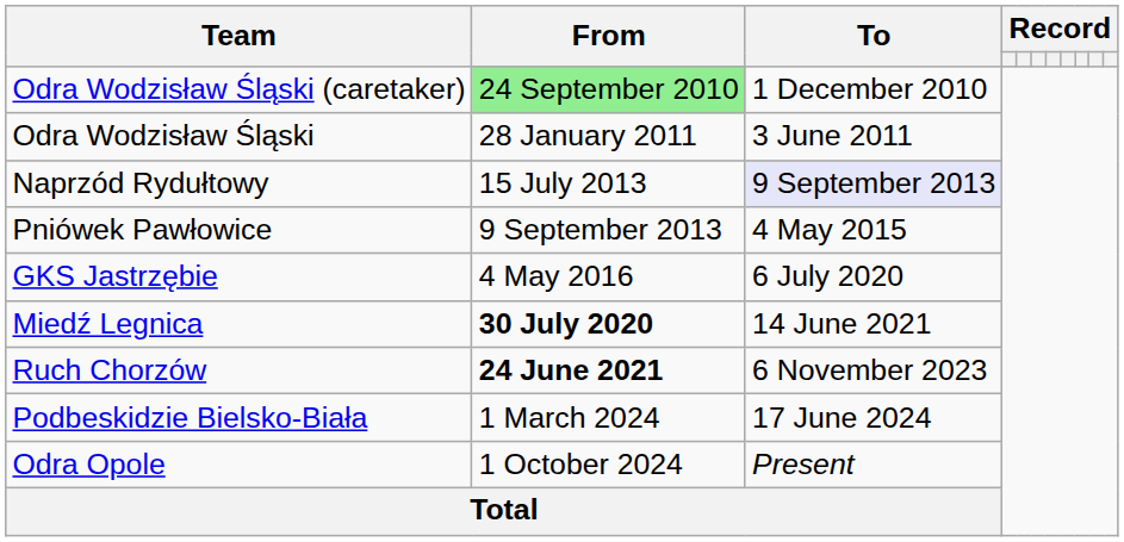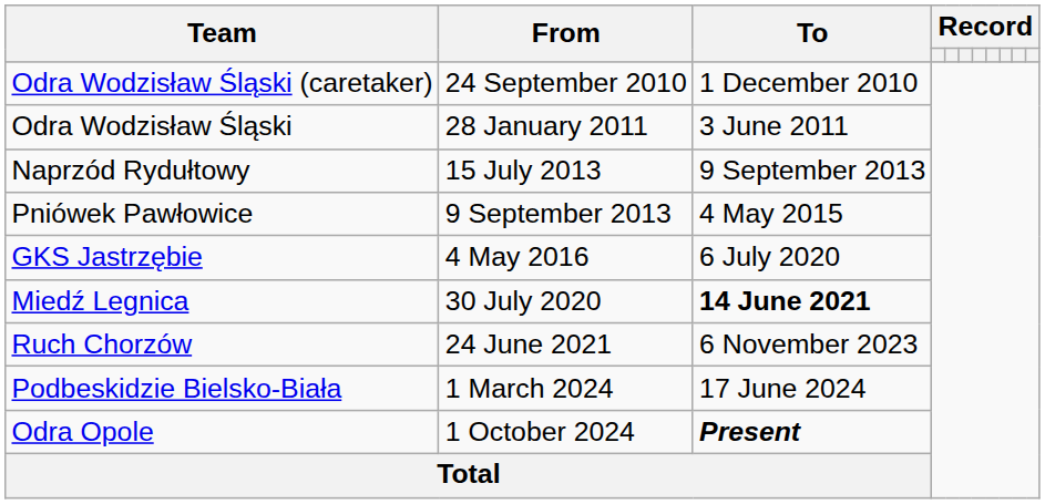 <table class="wikitable" style="text-align: center;">
 <tr>
 <th rowspan="2">Team</th>
 <th rowspan="2">From</th>
 <th rowspan="2">To</th>
 <th colspan="8">Record</th>
 </tr>
 <tr>
 <th></th>
 <th></th>
 <th></th>
 <th></th>
 <th></th>
 <th></th>
 <th></th>
 <th></th>
 </tr>
 <tr>
 <td align=left><a href='#'>Odra Wodzisław Śląski</a> (caretaker)</td>
-<td align=left style="background: lightgreen;">24 September 2010</td>
+<td align=left>24 September 2010</td>
 <td align=left>1 December 2010<br></td>
 </tr>
 <tr>
 <td align=left>Odra Wodzisław Śląski</td>
 <td align=left>28 January 2011</td>
 <td align=left>3 June 2011<br></td>
 </tr>
 <tr>
 <td align=left>Naprzód Rydułtowy</td>
 <td align=left>15 July 2013</td>
-<td align=left style="background: lavender;">9 September 2013<br></td>
+<td align=left>9 September 2013<br></td>
 </tr>
 <tr>
 <td align=left>Pniówek Pawłowice</td>
 <td align=left>9 September 2013</td>
 <td align=left>4 May 2015<br></td>
 </tr>
 <tr>
 <td align=left><a href='#'>GKS Jastrzębie</a></td>
 <td align=left>4 May 2016</td>
 <td align=left>6 July 2020<br></td>
 </tr>
 <tr>
 <td align=left><a href='#'>Miedź Legnica</a></td>
-<td align=left><strong>30 July 2020</strong></td>
-<td align=left>14 June 2021<br></td>
+<td align=left>30 July 2020</td>
+<td align=left><strong>14 June 2021<br></strong></td>
 </tr>
 <tr>
 <td align=left><a href='#'>Ruch Chorzów</a></td>
-<td align=left><strong>24 June 2021</strong></td>
+<td align=left>24 June 2021</td>
 <td align=left>6 November 2023<br></td>
 </tr>
 <tr>
 <td align=left><a href='#'>Podbeskidzie Bielsko-Biała</a></td>
 <td align=left>1 March 2024</td>
 <td align=left>17 June 2024<br></td>
 </tr>
 <tr>
 <td align=left><a href='#'>Odra Opole</a></td>
 <td align=left>1 October 2024</td>
-<td align=left><em>Present</em><br></td>
+<td align=left><strong><em>Present</em><br></strong></td>
 </tr>
 <tr>
 <th colspan="3">Total<br></th>
 </tr>
 </table>
